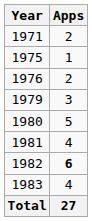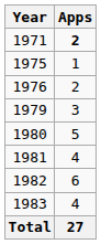 <table class="wikitable" style="text-align:center">
 <tr>
 <th>Year</th>
 <th>Apps</th>
 </tr>
 <tr>
 <td>1971</td>
-<td>2</td>
+<td><strong>2</strong></td>
 </tr>
 <tr>
 <td>1975</td>
 <td>1</td>
 </tr>
 <tr>
 <td>1976</td>
 <td>2</td>
 </tr>
 <tr>
 <td>1979</td>
 <td>3</td>
 </tr>
 <tr>
 <td>1980</td>
 <td>5</td>
 </tr>
 <tr>
 <td>1981</td>
 <td>4</td>
 </tr>
 <tr>
 <td>1982</td>
-<td><strong>6</strong></td>
+<td>6</td>
 </tr>
 <tr>
 <td>1983</td>
 <td>4</td>
 </tr>
 <tr>
 <th colspan="1">Total</th>
 <th>27</th>
 </tr>
 </table>
